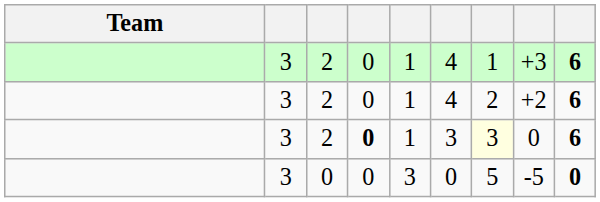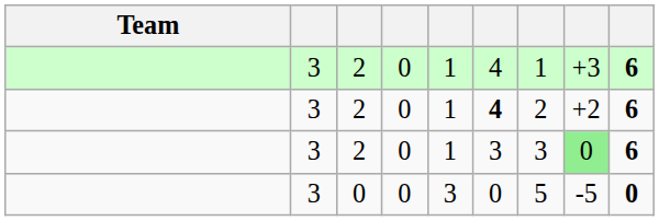 <table class="wikitable" style="text-align: center;">
 <tr>
 <th width="165">Team</th>
 <th width="20"></th>
 <th width="20"></th>
 <th width="20"></th>
 <th width="20"></th>
 <th width="20"></th>
 <th width="20"></th>
 <th width="20"></th>
 <th width="20"></th>
 </tr>
 <tr bgcolor="#ccffcc">
 <td align=left></td>
 <td>3</td>
 <td>2</td>
 <td>0</td>
 <td>1</td>
 <td>4</td>
 <td>1</td>
 <td>+3</td>
 <td><strong>6</strong></td>
 </tr>
 <tr>
 <td align=left></td>
 <td>3</td>
 <td>2</td>
 <td>0</td>
 <td>1</td>
-<td>4</td>
+<td><strong>4</strong></td>
 <td>2</td>
 <td>+2</td>
 <td><strong>6</strong></td>
 </tr>
 <tr>
 <td align=left></td>
 <td>3</td>
 <td>2</td>
-<td><strong>0</strong></td>
+<td>0</td>
 <td>1</td>
 <td>3</td>
-<td style="background: lightyellow;">3</td>
-<td>0</td>
+<td>3</td>
+<td style="background: lightgreen;">0</td>
 <td><strong>6</strong></td>
 </tr>
 <tr>
 <td align=left></td>
 <td>3</td>
 <td>0</td>
 <td>0</td>
 <td>3</td>
 <td>0</td>
 <td>5</td>
 <td>-5</td>
 <td><strong>0</strong></td>
 </tr>
 </table>
